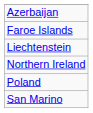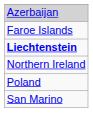 <table class="wikitable">
 <tr>
 </tr>
 <tr>
-<td> <a href='#'>Azerbaijan</a></td>
+<td style="background: lightgrey;"> <a href='#'>Azerbaijan</a></td>
 </tr>
 <tr>
 <td> <a href='#'>Faroe Islands</a></td>
 </tr>
 <tr>
-<td> <a href='#'>Liechtenstein</a></td>
+<td><strong> <a href='#'>Liechtenstein</a></strong></td>
 </tr>
 <tr>
 <td> <a href='#'>Northern Ireland</a></td>
 </tr>
 <tr>
 <td> <a href='#'>Poland</a></td>
 </tr>
 <tr>
 <td> <a href='#'>San Marino</a></td>
 </tr>
 </table>
